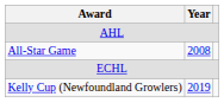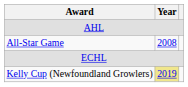 <table class="wikitable">
 <tr>
 <th>Award</th>
 <th>Year</th>
 <th></th>
 </tr>
 <tr ALIGN="center" bgcolor="#e0e0e0">
 <td colspan="3"><a href='#'>AHL</a></td>
 </tr>
 <tr>
 <td><a href='#'>All-Star Game</a></td>
 <td><a href='#'>2008</a></td>
 <td></td>
 </tr>
 <tr ALIGN="center" bgcolor="#e0e0e0">
 <td colspan="3"><a href='#'>ECHL</a></td>
 </tr>
 <tr>
 <td><a href='#'>Kelly Cup</a> (Newfoundland Growlers)</td>
-<td><a href='#'>2019</a></td>
+<td style="background: khaki;"><a href='#'>2019</a></td>
 <td></td>
 </tr>
 </table>
